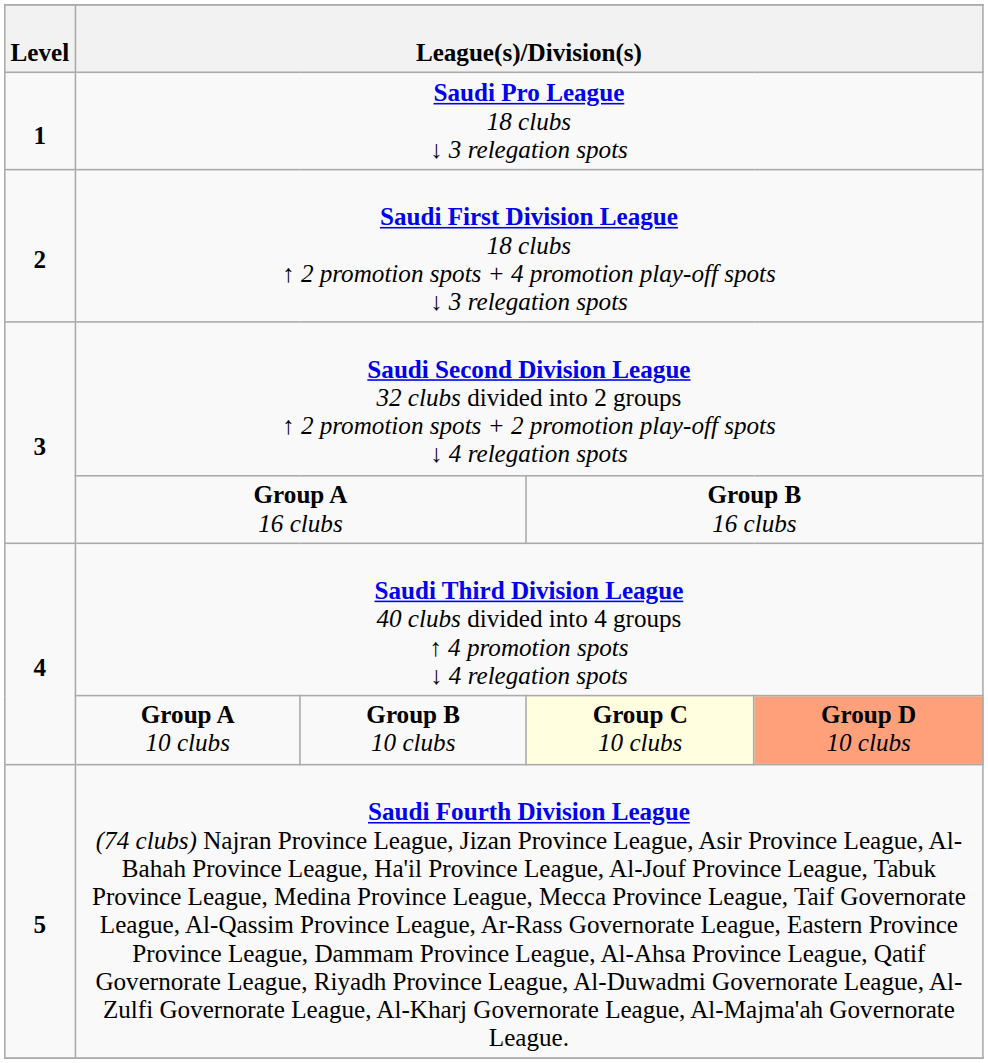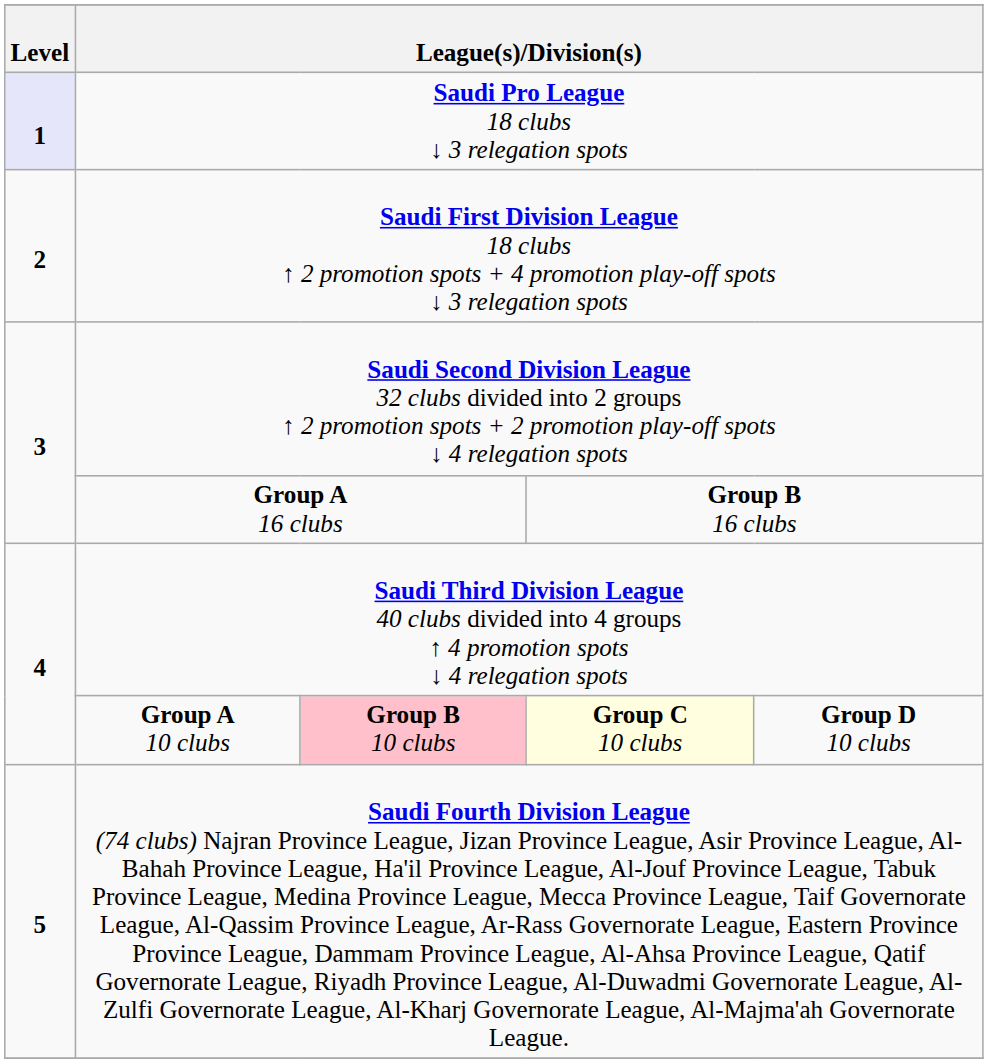 <table class="wikitable" style="text-align: center;" width="100%">
 <tr>
 </tr>
 <tr>
 <th width="4%"><br>Level</th>
 <th colspan="6" width="96%"><br>League(s)/Division(s)</th>
 </tr>
 <tr>
-<td width="4%"><br><strong>1</strong></td>
+<td width="4%" style="background: lavender;"><br><strong>1</strong></td>
 <td colspan="12" width="96%"><strong><a href='#'>Saudi Pro League</a></strong><br><em>18 clubs</em><br><em>↓ 3 relegation spots</em></td>
 </tr>
 <tr>
 <td width="4%"><br><strong>2</strong></td>
 <td colspan="12" width="96%"><br><strong><a href='#'>Saudi First Division League</a></strong><br><em>18 clubs</em><br><em>↑ 2 promotion spots + 4 promotion play-off spots <br>↓ 3 relegation spots</em></td>
 </tr>
 <tr>
 <td colspan="1" rowspan="2" width="4%"><br><strong>3</strong></td>
 <td colspan="4" width="96%"><br><strong><a href='#'>Saudi Second Division League</a></strong><br><em>32 clubs</em> divided into 2 groups<br><em>↑ 2 promotion spots + 2 promotion play-off spots <br>↓ 4 relegation spots</em></td>
 </tr>
 <tr>
 <td colspan="2" align="center"><strong>Group A</strong> <br> <em>16 clubs</em></td>
 <td colspan="2" align="center"><strong>Group B</strong> <br> <em>16 clubs</em></td>
 </tr>
 <tr>
 <td colspan="1" rowspan="2" width="4%"><br><strong>4</strong></td>
 <td colspan="4" width="96%"><br><strong><a href='#'>Saudi Third Division League</a></strong><br><em>40 clubs</em> divided into 4 groups<br><em>↑ 4 promotion spots <br> ↓ 4 relegation spots</em></td>
 </tr>
 <tr>
 <td align="center"><strong>Group A</strong> <br> <em>10 clubs</em></td>
-<td align="center"><strong>Group B</strong> <br> <em>10 clubs</em></td>
+<td align="center" style="background: pink;"><strong>Group B</strong> <br> <em>10 clubs</em></td>
 <td align="center" style="background: lightyellow;"><strong>Group C</strong> <br> <em>10 clubs</em></td>
-<td align="center" style="background: lightsalmon;"><strong>Group D</strong> <br> <em>10 clubs</em></td>
+<td align="center"><strong>Group D</strong> <br> <em>10 clubs</em></td>
 </tr>
 <tr>
 <td width="4%"><br><strong>5</strong></td>
 <td colspan="12" width="96%"><br><strong><a href='#'>Saudi Fourth Division League</a></strong><br><em>(74 clubs)</em> Najran Province League, Jizan Province League, Asir Province League, Al-Bahah Province League, Ha'il Province League, Al-Jouf Province League, Tabuk Province League, Medina Province League, Mecca Province League, Taif Governorate League, Al-Qassim Province League, Ar-Rass Governorate League, Eastern Province Province League, Dammam Province League, Al-Ahsa Province League, Qatif Governorate League, Riyadh Province League, Al-Duwadmi Governorate League, Al-Zulfi Governorate League, Al-Kharj Governorate League, Al-Majma'ah Governorate League.</td>
 </tr>
 <tr>
 </tr>
 </table>
